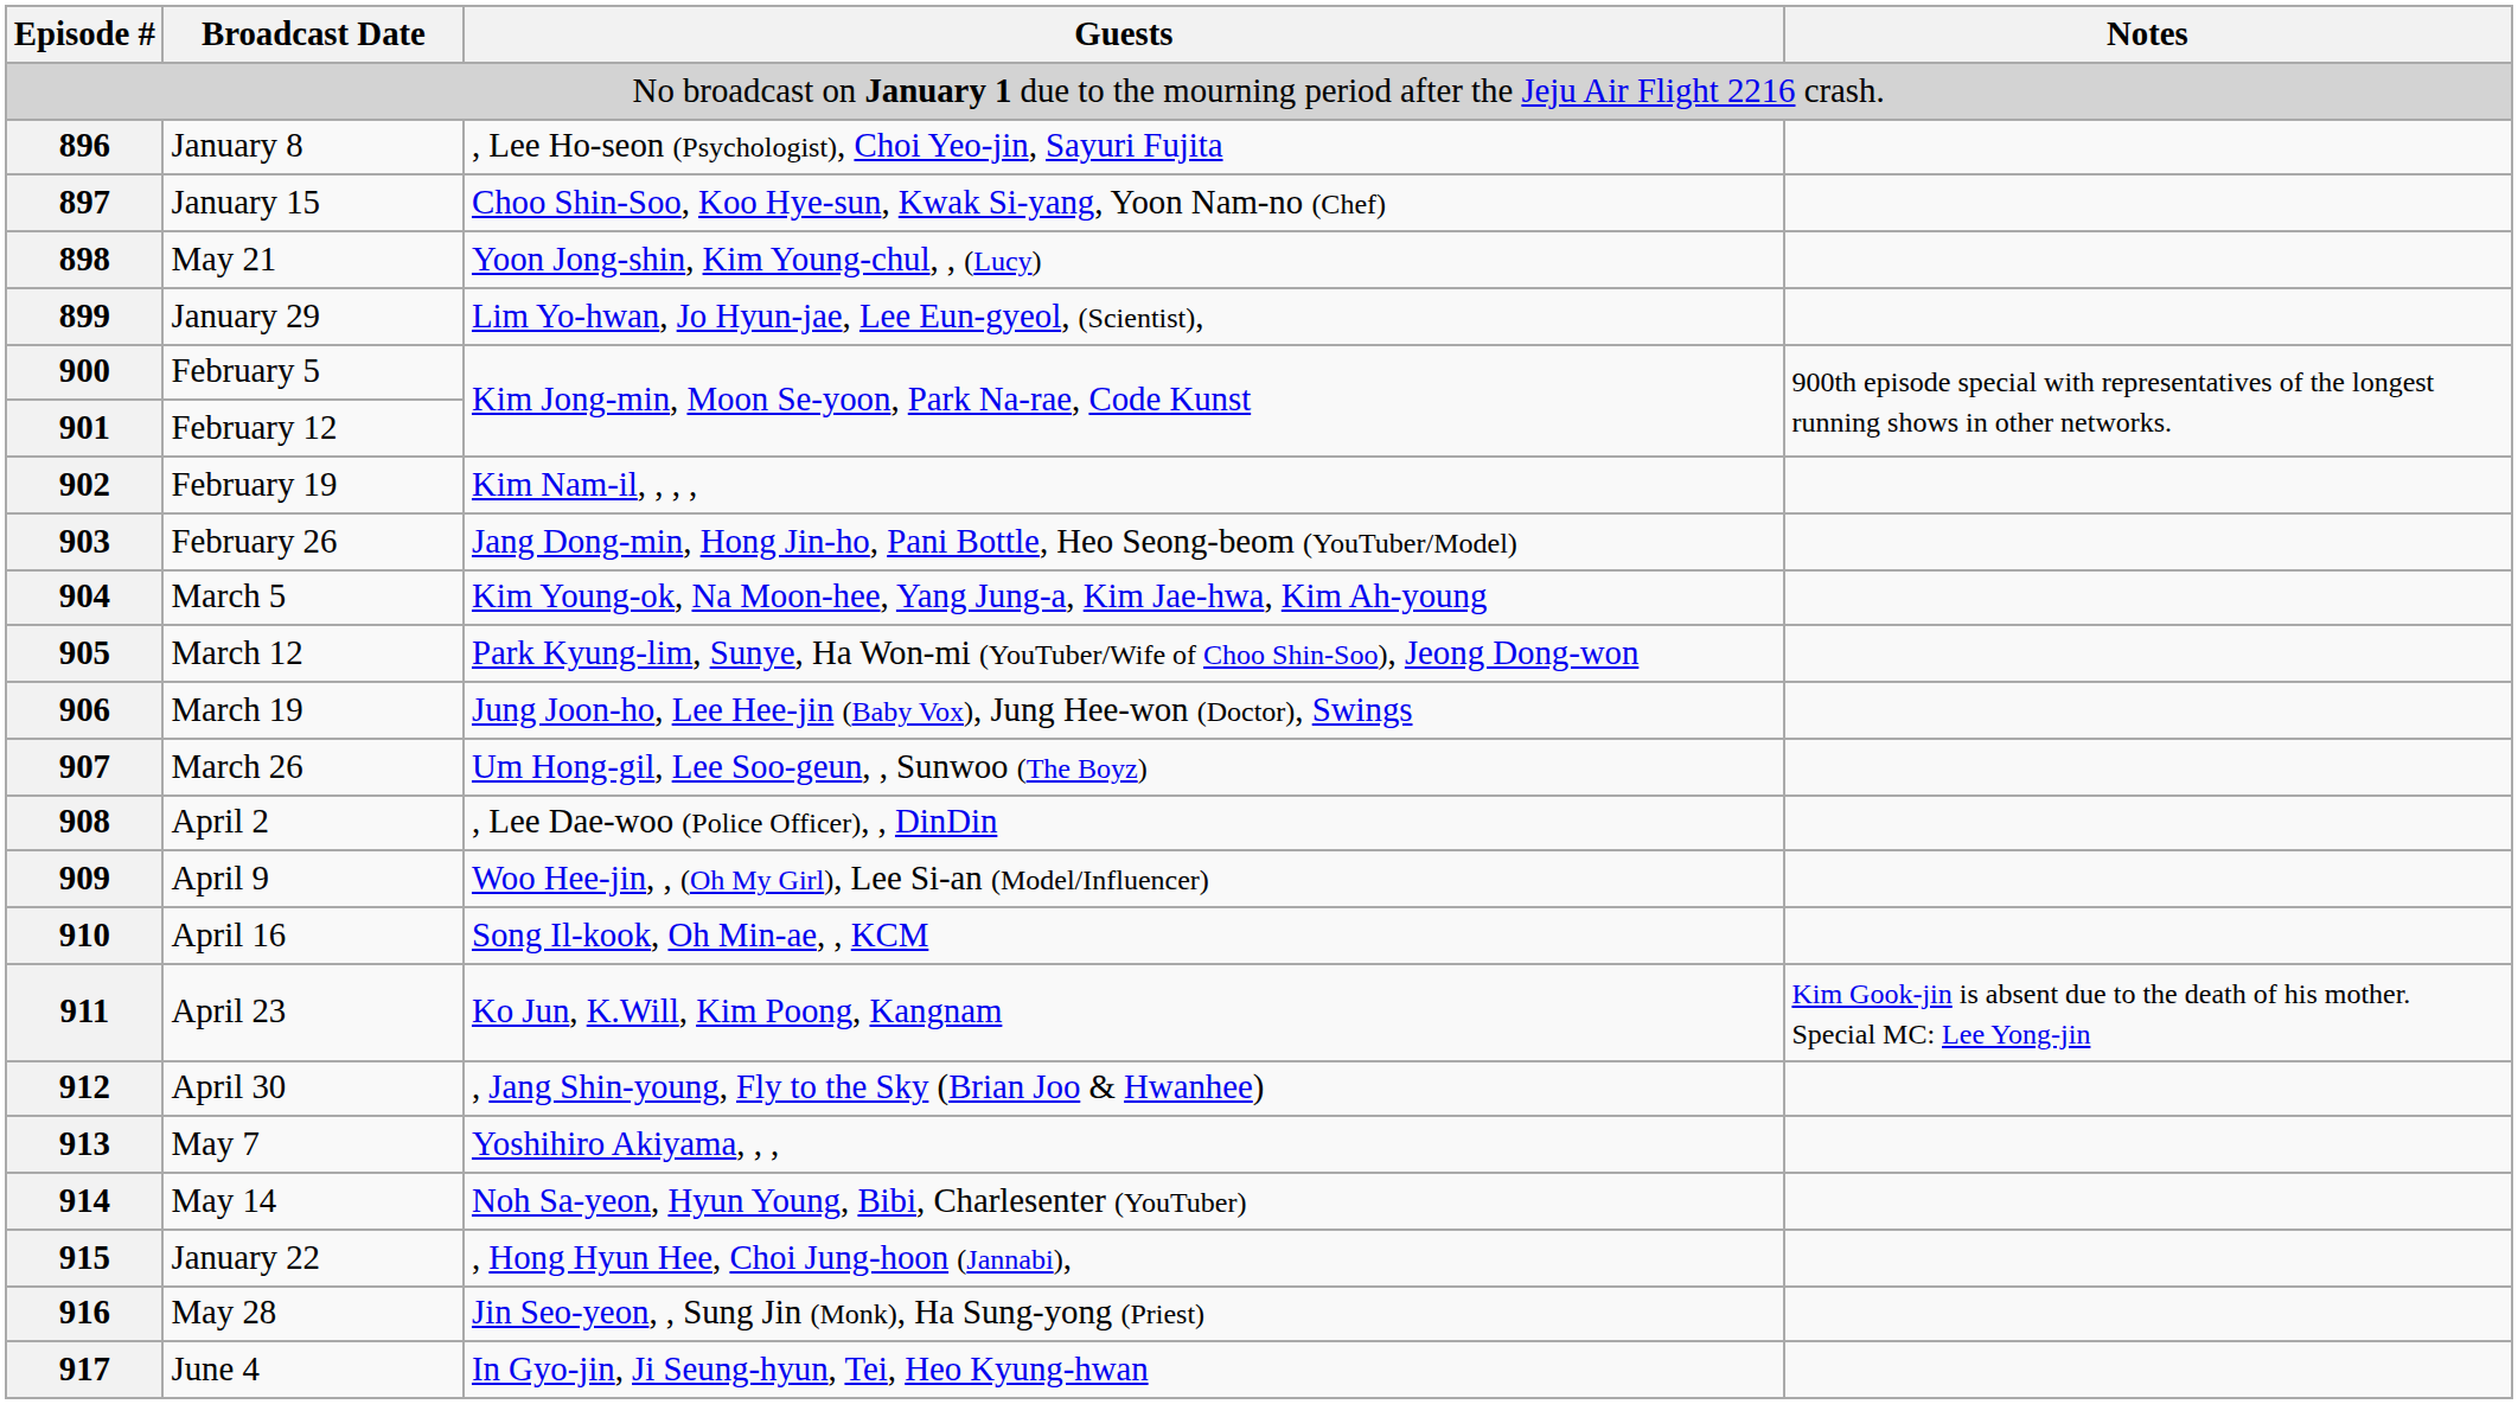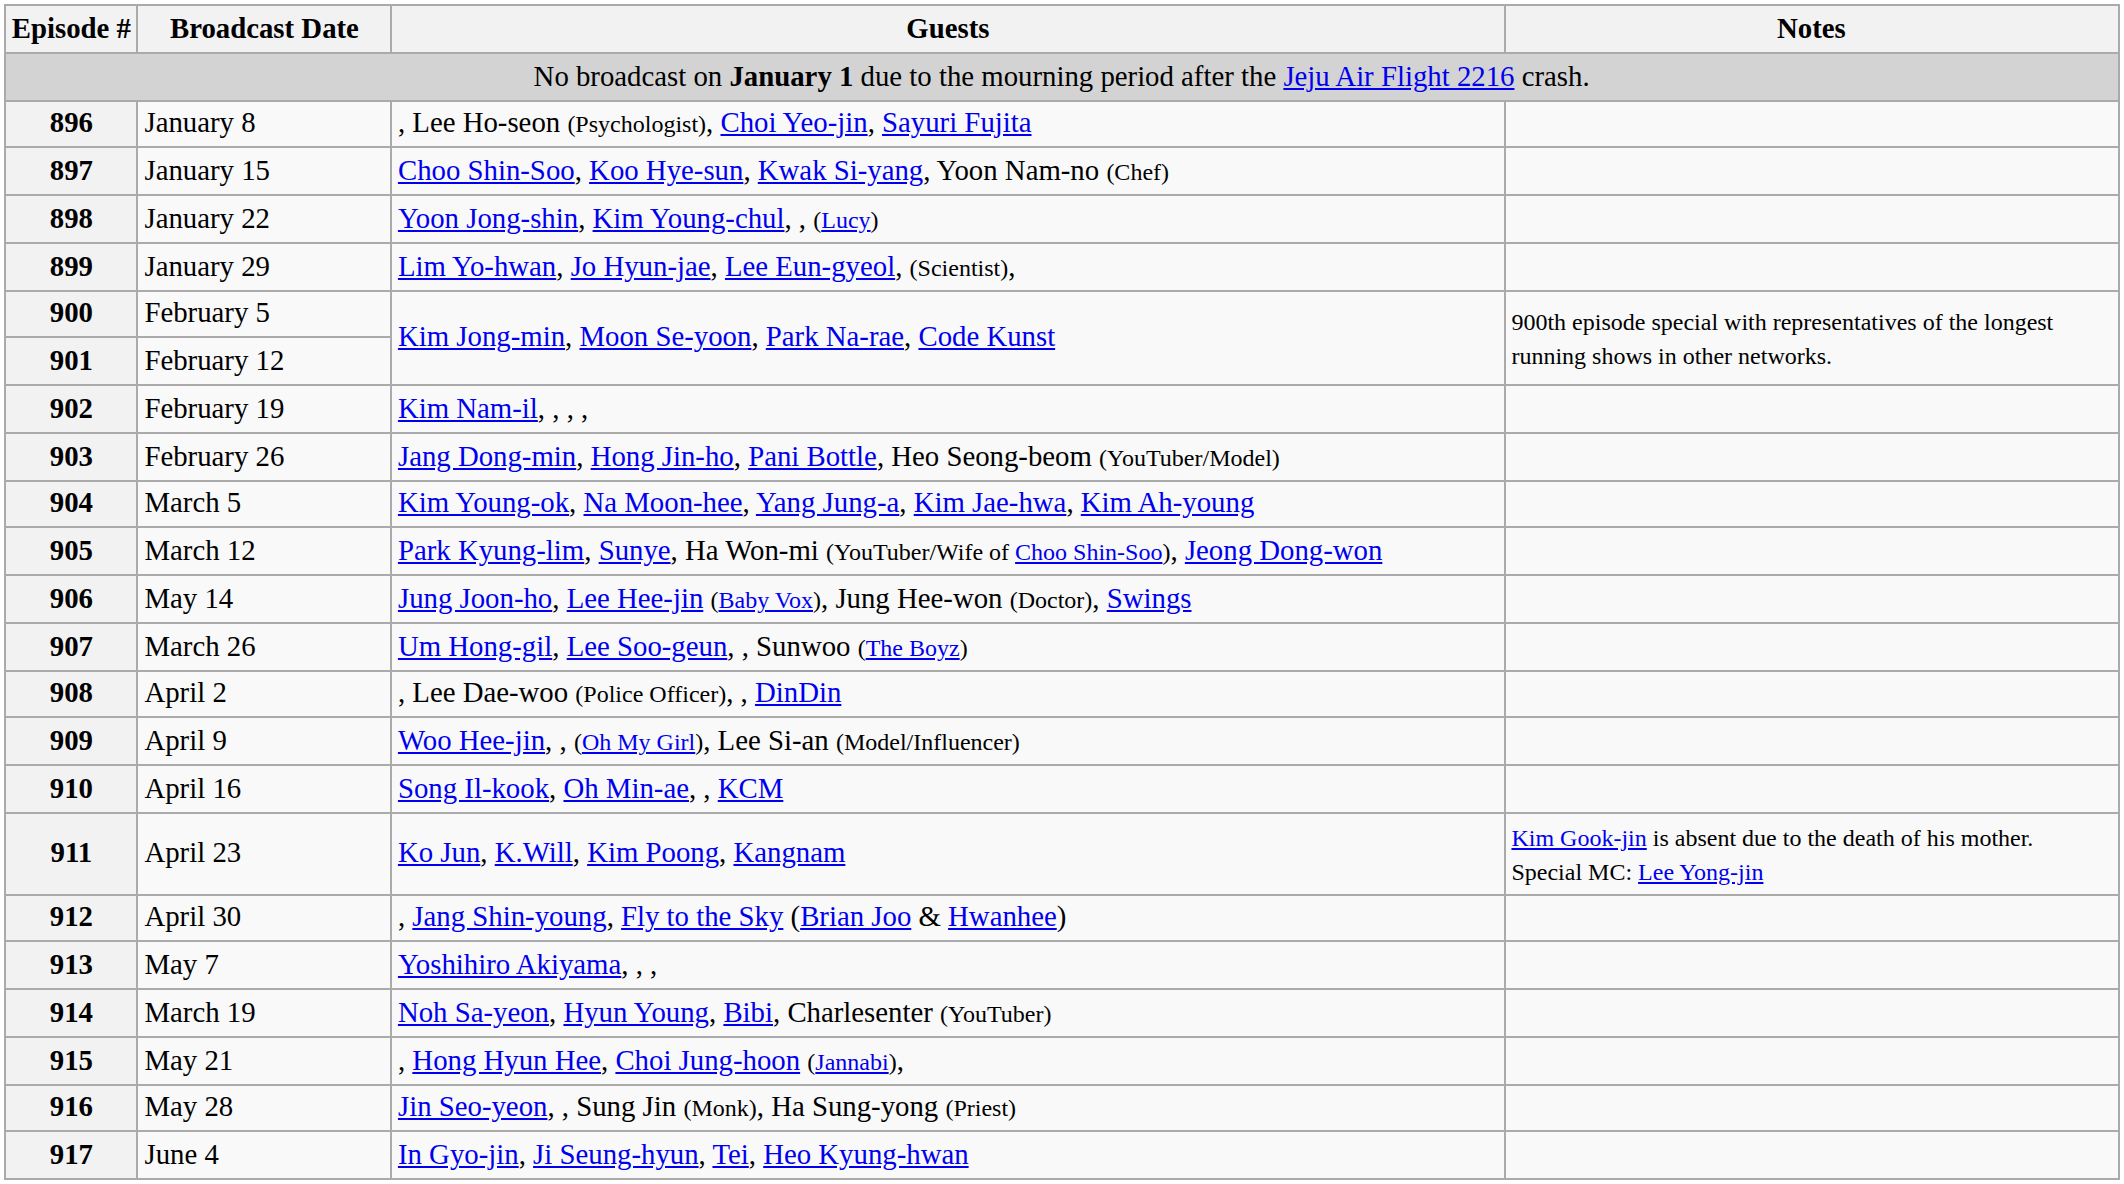 <table class="wikitable" style="font-size: 90%;">
 <tr>
 <th>Episode #</th>
 <th width=120>Broadcast Date</th>
 <th width=550>Guests</th>
 <th width=300>Notes</th>
 </tr>
 <tr>
 <td colspan="5" style="text-align:center;background:Lightgray">No broadcast on <strong>January 1</strong> due to the mourning period after the <a href='#'>Jeju Air Flight 2216</a> crash.</td>
 </tr>
 <tr>
 <th>896</th>
 <td>January 8</td>
 <td>, Lee Ho-seon <small>(Psychologist)</small>, <a href='#'>Choi Yeo-jin</a>, <a href='#'>Sayuri Fujita</a></td>
 <td></td>
 </tr>
 <tr>
 <th>897</th>
 <td>January 15</td>
 <td><a href='#'>Choo Shin-Soo</a>, <a href='#'>Koo Hye-sun</a>, <a href='#'>Kwak Si-yang</a>, Yoon Nam-no <small>(Chef)</small></td>
 <td></td>
 </tr>
 <tr>
 <th>898</th>
-<td>May 21</td>
+<td>January 22</td>
 <td><a href='#'>Yoon Jong-shin</a>, <a href='#'>Kim Young-chul</a>, ,  <small>(<a href='#'>Lucy</a>)</small></td>
 <td></td>
 </tr>
 <tr>
 <th>899</th>
 <td>January 29</td>
 <td><a href='#'>Lim Yo-hwan</a>, <a href='#'>Jo Hyun-jae</a>, <a href='#'>Lee Eun-gyeol</a>,  <small>(Scientist)</small>, </td>
 <td></td>
 </tr>
 <tr>
 <th>900</th>
 <td>February 5</td>
 <td rowspan="2"><a href='#'>Kim Jong-min</a>, <a href='#'>Moon Se-yoon</a>, <a href='#'>Park Na-rae</a>, <a href='#'>Code Kunst</a></td>
 <td rowspan="2"><small>900th episode special with representatives of the longest running shows in other networks.</small></td>
 </tr>
 <tr>
 <th>901</th>
 <td>February 12</td>
 </tr>
 <tr>
 <th>902</th>
 <td>February 19</td>
 <td><a href='#'>Kim Nam-il</a>, , , , </td>
 <td></td>
 </tr>
 <tr>
 <th>903</th>
 <td>February 26</td>
 <td><a href='#'>Jang Dong-min</a>, <a href='#'>Hong Jin-ho</a>, <a href='#'>Pani Bottle</a>, Heo Seong-beom <small>(YouTuber/Model)</small></td>
 <td></td>
 </tr>
 <tr>
 <th>904</th>
 <td>March 5</td>
 <td><a href='#'>Kim Young-ok</a>, <a href='#'>Na Moon-hee</a>, <a href='#'>Yang Jung-a</a>, <a href='#'>Kim Jae-hwa</a>, <a href='#'>Kim Ah-young</a></td>
 <td></td>
 </tr>
 <tr>
 <th>905</th>
 <td>March 12</td>
 <td><a href='#'>Park Kyung-lim</a>, <a href='#'>Sunye</a>, Ha Won-mi <small>(YouTuber/Wife of <a href='#'>Choo Shin-Soo</a>)</small>, <a href='#'>Jeong Dong-won</a></td>
 <td></td>
 </tr>
 <tr>
 <th>906</th>
-<td>March 19</td>
+<td>May 14</td>
 <td><a href='#'>Jung Joon-ho</a>, <a href='#'>Lee Hee-jin</a> <small>(<a href='#'>Baby Vox</a>)</small>, Jung Hee-won <small>(Doctor)</small>, <a href='#'>Swings</a></td>
 <td></td>
 </tr>
 <tr>
 <th>907</th>
 <td>March 26</td>
 <td><a href='#'>Um Hong-gil</a>, <a href='#'>Lee Soo-geun</a>, , Sunwoo <small>(<a href='#'>The Boyz</a>)</small></td>
 <td></td>
 </tr>
 <tr>
 <th>908</th>
 <td>April 2</td>
 <td>, Lee Dae-woo <small>(Police Officer)</small>, , <a href='#'>DinDin</a></td>
 <td></td>
 </tr>
 <tr>
 <th>909</th>
 <td>April 9</td>
 <td><a href='#'>Woo Hee-jin</a>, ,  <small>(<a href='#'>Oh My Girl</a>)</small>, Lee Si-an <small>(Model/Influencer)</small></td>
 <td></td>
 </tr>
 <tr>
 <th>910</th>
 <td>April 16</td>
 <td><a href='#'>Song Il-kook</a>, <a href='#'>Oh Min-ae</a>, , <a href='#'>KCM</a></td>
 <td></td>
 </tr>
 <tr>
 <th>911</th>
 <td>April 23</td>
 <td><a href='#'>Ko Jun</a>, <a href='#'>K.Will</a>, <a href='#'>Kim Poong</a>, <a href='#'>Kangnam</a></td>
 <td><small><a href='#'>Kim Gook-jin</a> is absent due to the death of his mother.<br>Special MC: <a href='#'>Lee Yong-jin</a></small></td>
 </tr>
 <tr>
 <th>912</th>
 <td>April 30</td>
 <td>, <a href='#'>Jang Shin-young</a>, <a href='#'>Fly to the Sky</a> (<a href='#'>Brian Joo</a> & <a href='#'>Hwanhee</a>)</td>
 <td></td>
 </tr>
 <tr>
 <th>913</th>
 <td>May 7</td>
 <td><a href='#'>Yoshihiro Akiyama</a>, , , </td>
 <td></td>
 </tr>
 <tr>
 <th>914</th>
-<td>May 14</td>
+<td>March 19</td>
 <td><a href='#'>Noh Sa-yeon</a>, <a href='#'>Hyun Young</a>, <a href='#'>Bibi</a>, Charlesenter <small>(YouTuber)</small></td>
 <td></td>
 </tr>
 <tr>
 <th>915</th>
-<td>January 22</td>
+<td>May 21</td>
 <td>, <a href='#'>Hong Hyun Hee</a>, <a href='#'>Choi Jung-hoon</a> <small>(<a href='#'>Jannabi</a>)</small>, </td>
 <td></td>
 </tr>
 <tr>
 <th>916</th>
 <td>May 28</td>
 <td><a href='#'>Jin Seo-yeon</a>, , Sung Jin <small>(Monk)</small>, Ha Sung-yong <small>(Priest)</small></td>
 <td></td>
 </tr>
 <tr>
 <th>917</th>
 <td>June 4</td>
 <td><a href='#'>In Gyo-jin</a>, <a href='#'>Ji Seung-hyun</a>, <a href='#'>Tei</a>, <a href='#'>Heo Kyung-hwan</a></td>
 <td></td>
 </tr>
 <tr>
 </tr>
 </table>
